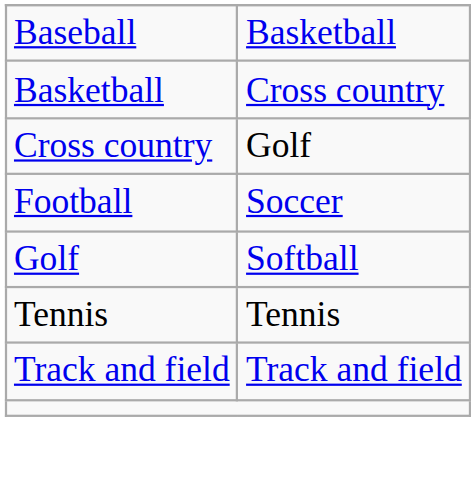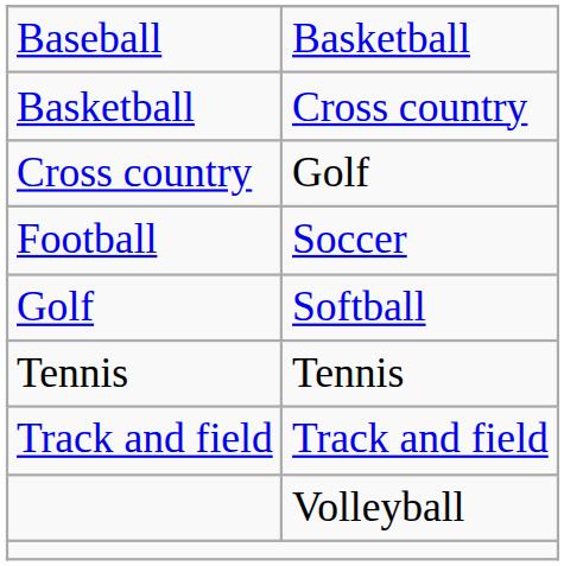 <table class="wikitable" style="float:right; clear:right; margin:0 0 1em 1em;">
 <tr>
 </tr>
 <tr>
 <td><a href='#'>Baseball</a></td>
 <td><a href='#'>Basketball</a></td>
 </tr>
 <tr>
 <td><a href='#'>Basketball</a></td>
 <td><a href='#'>Cross country</a></td>
 </tr>
 <tr>
 <td><a href='#'>Cross country</a></td>
 <td>Golf</td>
 </tr>
 <tr>
 <td><a href='#'>Football</a></td>
 <td><a href='#'>Soccer</a></td>
 </tr>
 <tr>
 <td><a href='#'>Golf</a></td>
 <td><a href='#'>Softball</a></td>
 </tr>
 <tr>
 <td>Tennis</td>
 <td>Tennis</td>
 </tr>
 <tr>
 <td><a href='#'>Track and field</a></td>
 <td><a href='#'>Track and field</a></td>
 </tr>
 <tr>
+<td></td>
+<td>Volleyball</td>
+</tr>
+<tr>
 <td colspan="2"></td>
 </tr>
 </table>
